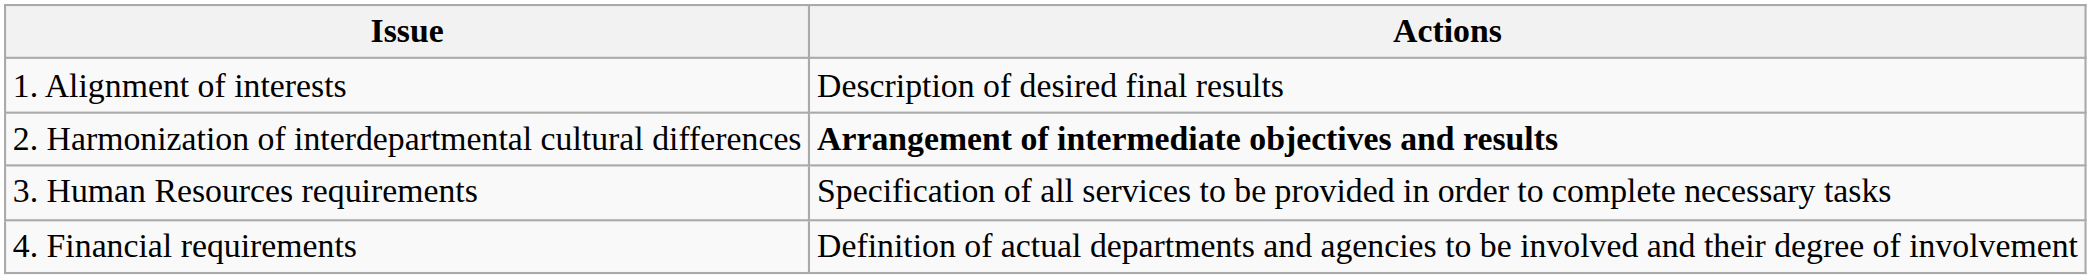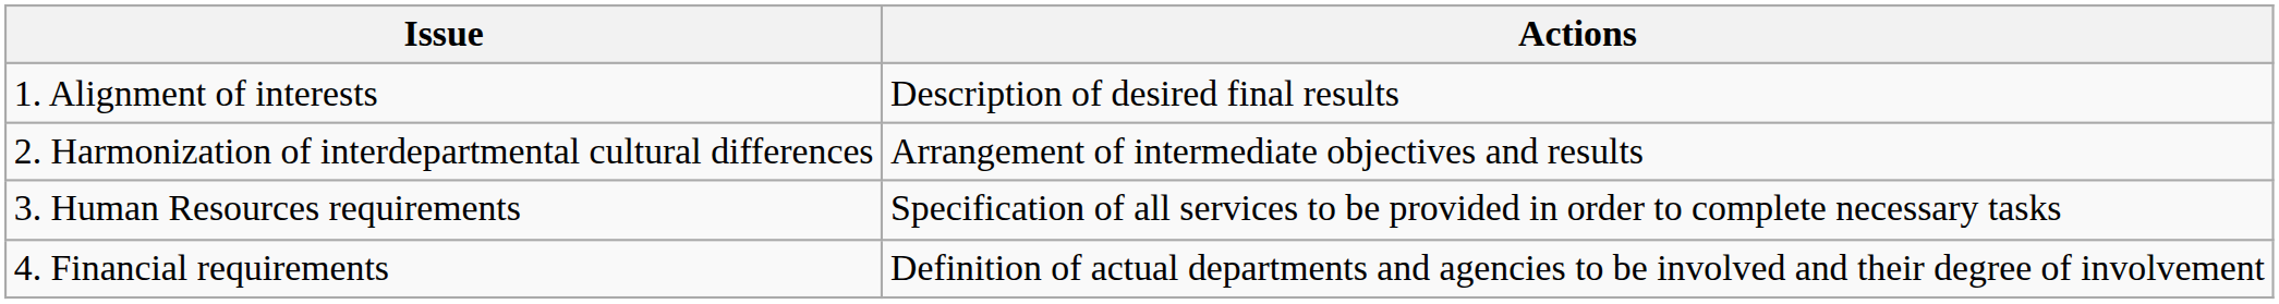 <table class="wikitable">
 <tr>
 <th>Issue</th>
 <th>Actions</th>
 </tr>
 <tr>
 <td>1. Alignment of interests</td>
 <td>Description of desired final results</td>
 </tr>
 <tr>
 <td>2. Harmonization of interdepartmental cultural differences</td>
-<td><strong>Arrangement of  intermediate objectives and results</strong></td>
+<td>Arrangement of  intermediate objectives and results</td>
 </tr>
 <tr>
 <td>3. Human Resources requirements</td>
 <td>Specification of all services to be provided in order to complete necessary tasks</td>
 </tr>
 <tr>
 <td>4. Financial requirements</td>
 <td>Definition of actual departments and agencies to be involved and their degree of involvement</td>
 </tr>
 </table>
